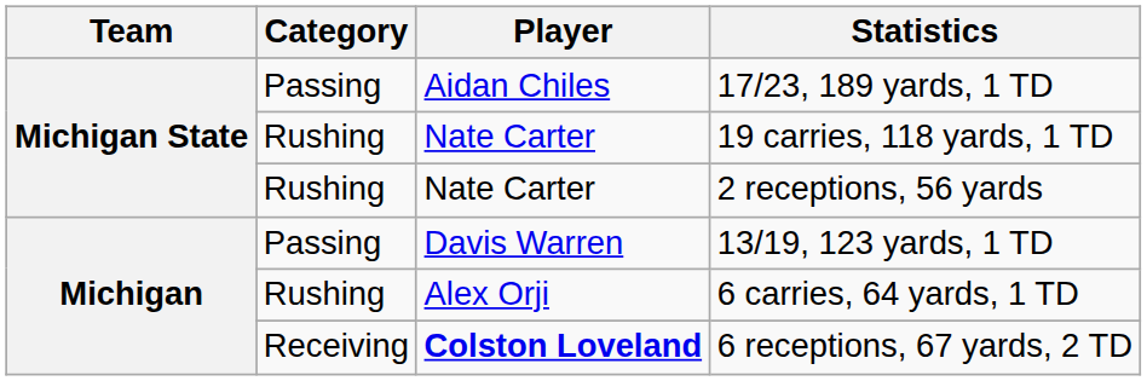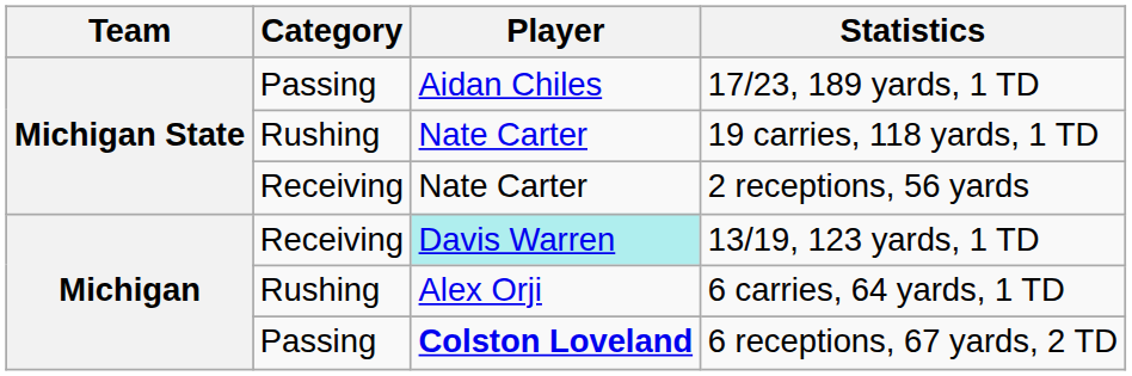 <table class="wikitable" style="float:right">
 <tr>
 <th>Team</th>
 <th>Category</th>
 <th>Player</th>
 <th>Statistics</th>
 </tr>
 <tr>
 <th rowspan=3>Michigan State</th>
 <td>Passing</td>
 <td><a href='#'>Aidan Chiles</a></td>
 <td>17/23, 189 yards, 1 TD</td>
 </tr>
 <tr>
 <td>Rushing</td>
 <td><a href='#'>Nate Carter</a></td>
 <td>19 carries, 118 yards, 1 TD</td>
 </tr>
 <tr>
-<td>Rushing</td>
+<td>Receiving</td>
 <td>Nate Carter</td>
 <td>2 receptions, 56 yards</td>
 </tr>
 <tr>
 <th rowspan=3>Michigan</th>
-<td>Passing</td>
-<td><a href='#'>Davis Warren</a></td>
+<td>Receiving</td>
+<td style="background: paleturquoise;"><a href='#'>Davis Warren</a></td>
 <td>13/19, 123 yards, 1 TD</td>
 </tr>
 <tr>
 <td>Rushing</td>
 <td><a href='#'>Alex Orji</a></td>
 <td>6 carries, 64 yards, 1 TD</td>
 </tr>
 <tr>
-<td>Receiving</td>
+<td>Passing</td>
 <td><strong><a href='#'>Colston Loveland</a></strong></td>
 <td>6 receptions, 67 yards, 2 TD</td>
 </tr>
 </table>
